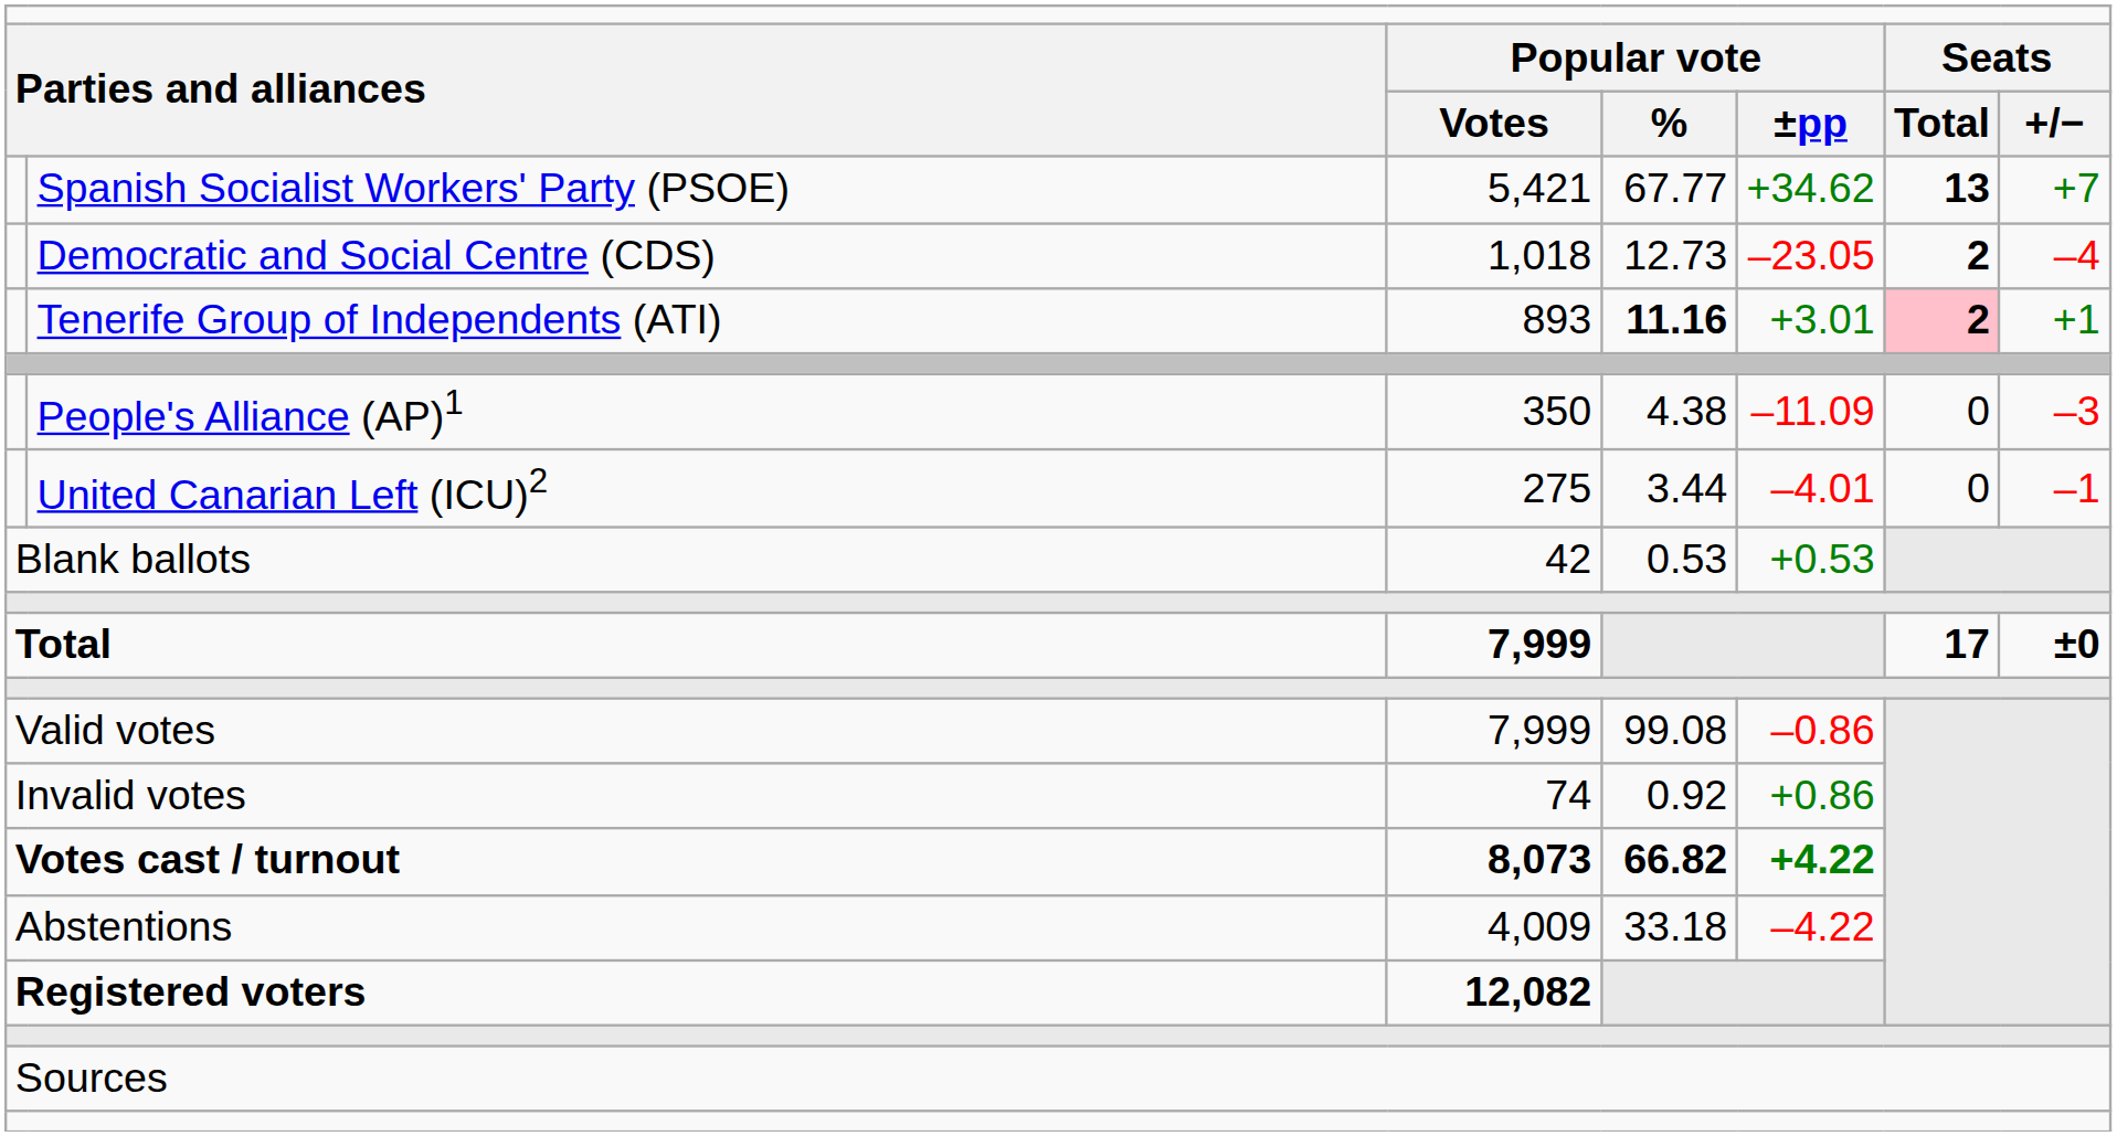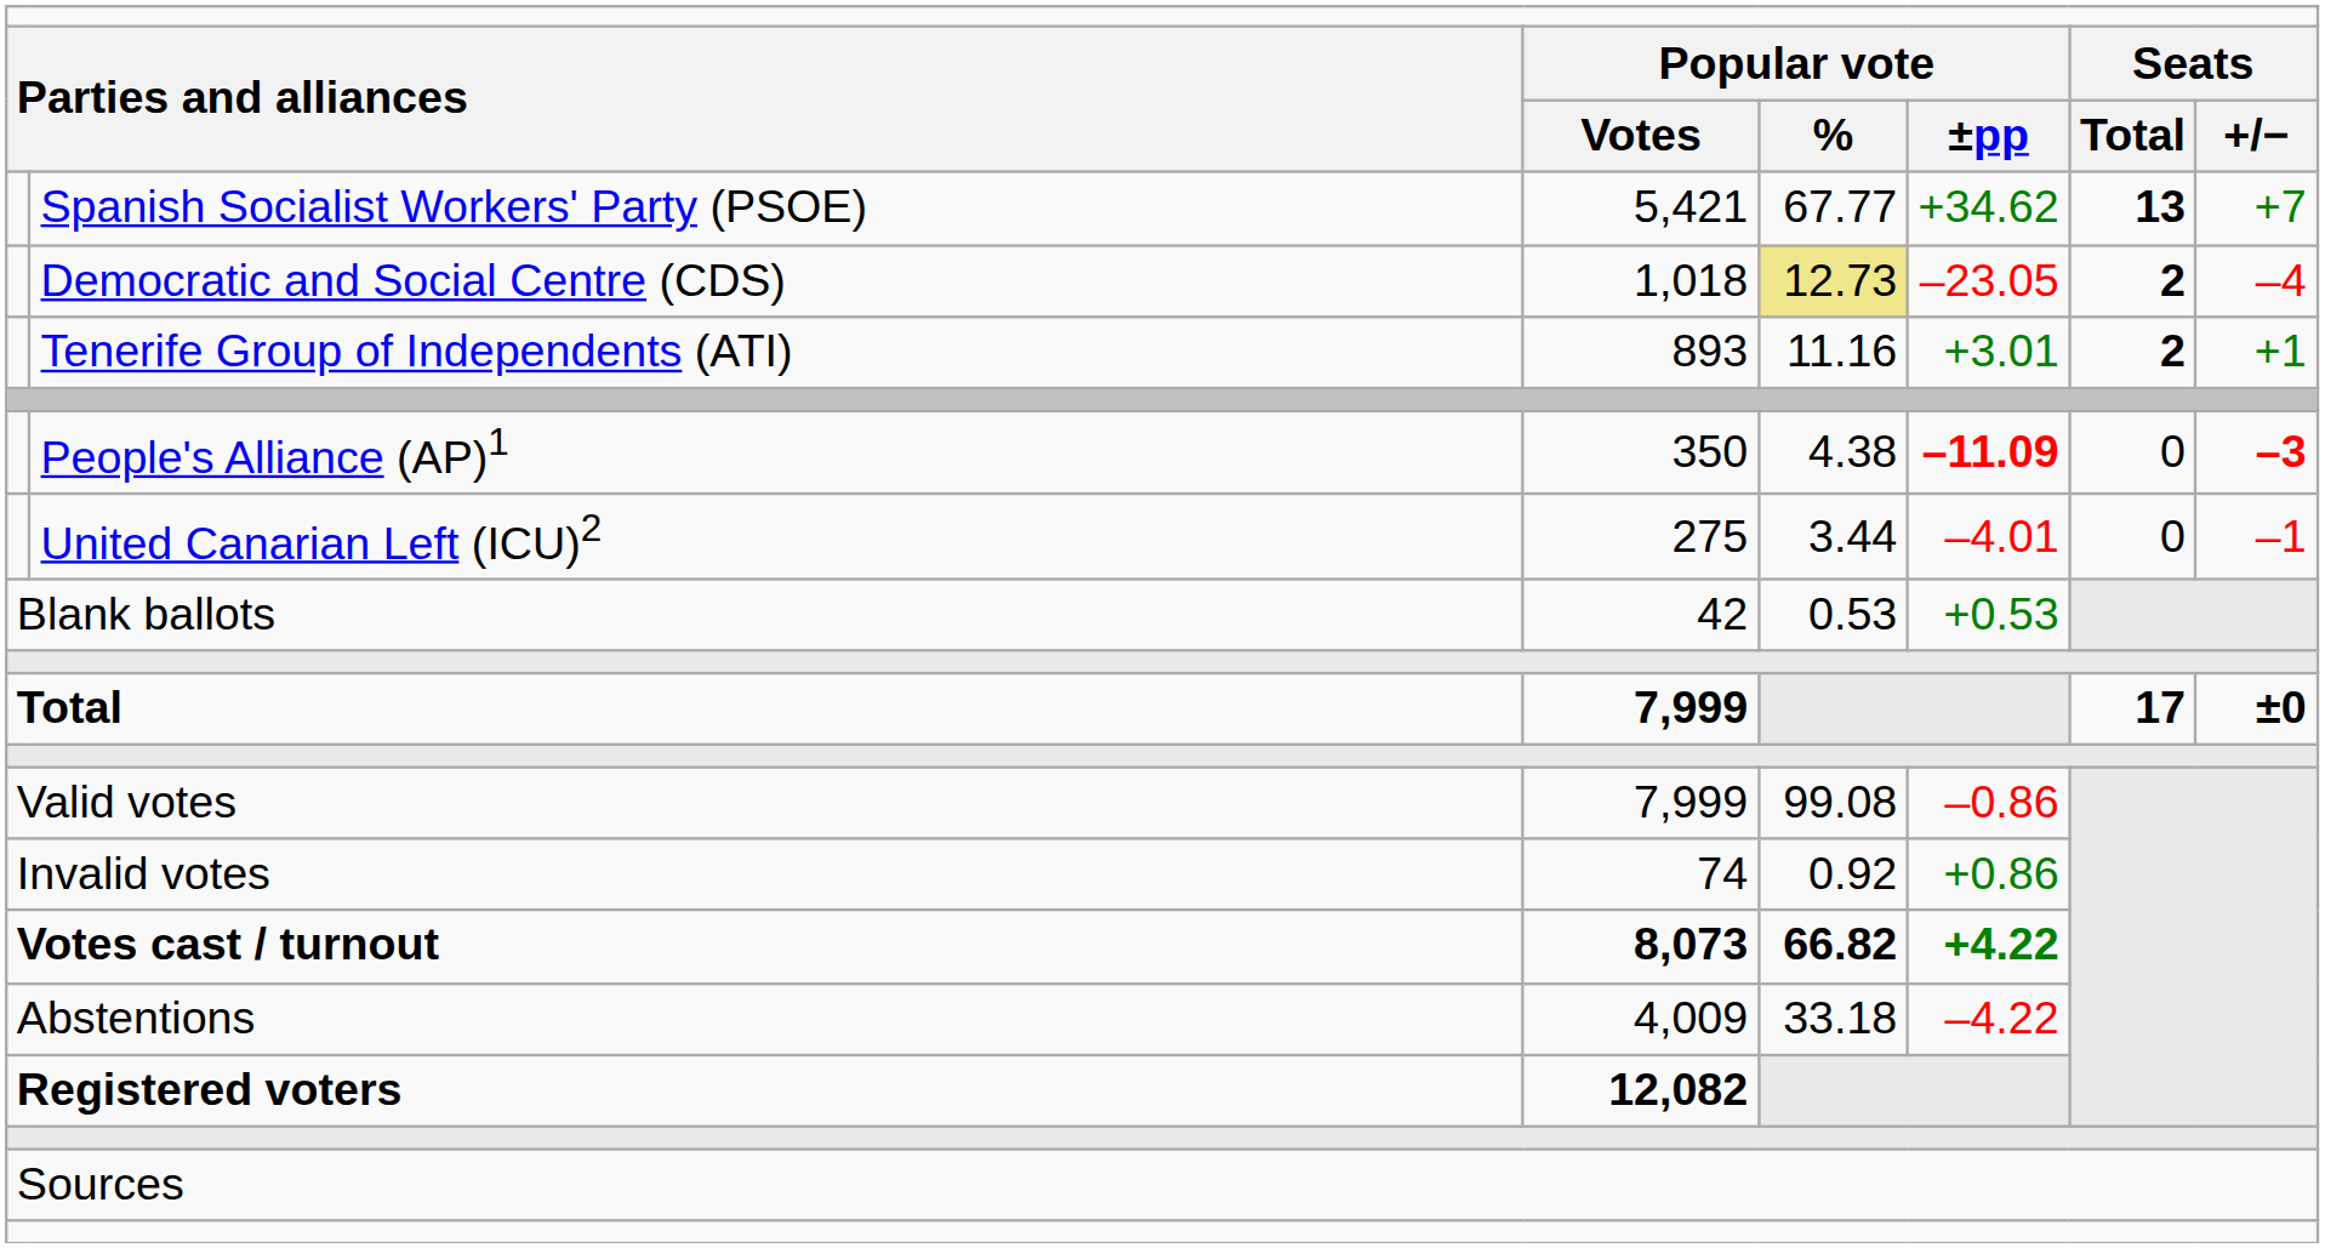 <table class="wikitable" style="text-align:right;">
 <tr>
 <td colspan="7"></td>
 </tr>
 <tr>
 <th style="text-align:left;" rowspan="2" colspan="2" width="525">Parties and alliances</th>
 <th colspan="3">Popular vote</th>
 <th colspan="2">Seats</th>
 </tr>
 <tr>
 <th width="75">Votes</th>
 <th width="45">%</th>
 <th width="45">±<a href='#'>pp</a></th>
 <th width="35">Total</th>
 <th width="35">+/−</th>
 </tr>
 <tr>
 <td width="1" style="color:inherit;background:"></td>
 <td align="left"><a href='#'>Spanish Socialist Workers' Party</a> (PSOE)</td>
 <td>5,421</td>
 <td>67.77</td>
 <td style="color:green;">+34.62</td>
 <td><strong>13</strong></td>
 <td style="color:green;">+7</td>
 </tr>
 <tr>
 <td style="color:inherit;background:"></td>
 <td align="left"><a href='#'>Democratic and Social Centre</a> (CDS)</td>
 <td>1,018</td>
-<td>12.73</td>
+<td style="background: khaki;">12.73</td>
 <td style="color:red;">–23.05</td>
 <td><strong>2</strong></td>
 <td style="color:red;">–4</td>
 </tr>
 <tr>
 <td style="color:inherit;background:"></td>
 <td align="left"><a href='#'>Tenerife Group of Independents</a> (ATI)</td>
 <td>893</td>
-<td><strong>11.16</strong></td>
+<td>11.16</td>
 <td style="color:green;">+3.01</td>
-<td style="background: pink;"><strong>2</strong></td>
+<td><strong>2</strong></td>
 <td style="color:green;">+1</td>
 </tr>
 <tr>
 <td colspan="7" bgcolor="#C0C0C0"></td>
 </tr>
 <tr>
 <td style="color:inherit;background:"></td>
 <td align="left"><a href='#'>People's Alliance</a> (AP)<sup>1</sup></td>
 <td>350</td>
 <td>4.38</td>
-<td style="color:red;">–11.09</td>
+<td style="color:red;"><strong>–11.09</strong></td>
 <td>0</td>
-<td style="color:red;">–3</td>
+<td style="color:red;"><strong>–3</strong></td>
 </tr>
 <tr>
 <td style="color:inherit;background:"></td>
 <td align="left"><a href='#'>United Canarian Left</a> (ICU)<sup>2</sup></td>
 <td>275</td>
 <td>3.44</td>
 <td style="color:red;">–4.01</td>
 <td>0</td>
 <td style="color:red;">–1</td>
 </tr>
 <tr>
 <td align="left" colspan="2">Blank ballots</td>
 <td>42</td>
 <td>0.53</td>
 <td style="color:green;">+0.53</td>
 <td bgcolor="#E9E9E9" colspan="2"></td>
 </tr>
 <tr>
 <td colspan="7" bgcolor="#E9E9E9"></td>
 </tr>
 <tr style="font-weight:bold;">
 <td align="left" colspan="2">Total</td>
 <td>7,999</td>
 <td bgcolor="#E9E9E9" colspan="2"></td>
 <td>17</td>
 <td>±0</td>
 </tr>
 <tr>
 <td colspan="7" bgcolor="#E9E9E9"></td>
 </tr>
 <tr>
 <td align="left" colspan="2">Valid votes</td>
 <td>7,999</td>
 <td>99.08</td>
 <td style="color:red;">–0.86</td>
 <td bgcolor="#E9E9E9" colspan="2" rowspan="5"></td>
 </tr>
 <tr>
 <td align="left" colspan="2">Invalid votes</td>
 <td>74</td>
 <td>0.92</td>
 <td style="color:green;">+0.86</td>
 </tr>
 <tr style="font-weight:bold;">
 <td align="left" colspan="2">Votes cast / turnout</td>
 <td>8,073</td>
 <td>66.82</td>
 <td style="color:green;">+4.22</td>
 </tr>
 <tr>
 <td align="left" colspan="2">Abstentions</td>
 <td>4,009</td>
 <td>33.18</td>
 <td style="color:red;">–4.22</td>
 </tr>
 <tr style="font-weight:bold;">
 <td align="left" colspan="2">Registered voters</td>
 <td>12,082</td>
 <td bgcolor="#E9E9E9" colspan="2"></td>
 </tr>
 <tr>
 <td colspan="7" bgcolor="#E9E9E9"></td>
 </tr>
 <tr>
 <td align="left" colspan="7">Sources</td>
 </tr>
 <tr>
 <td colspan="7" style="text-align:left; max-width:790px;"></td>
 </tr>
 </table>
